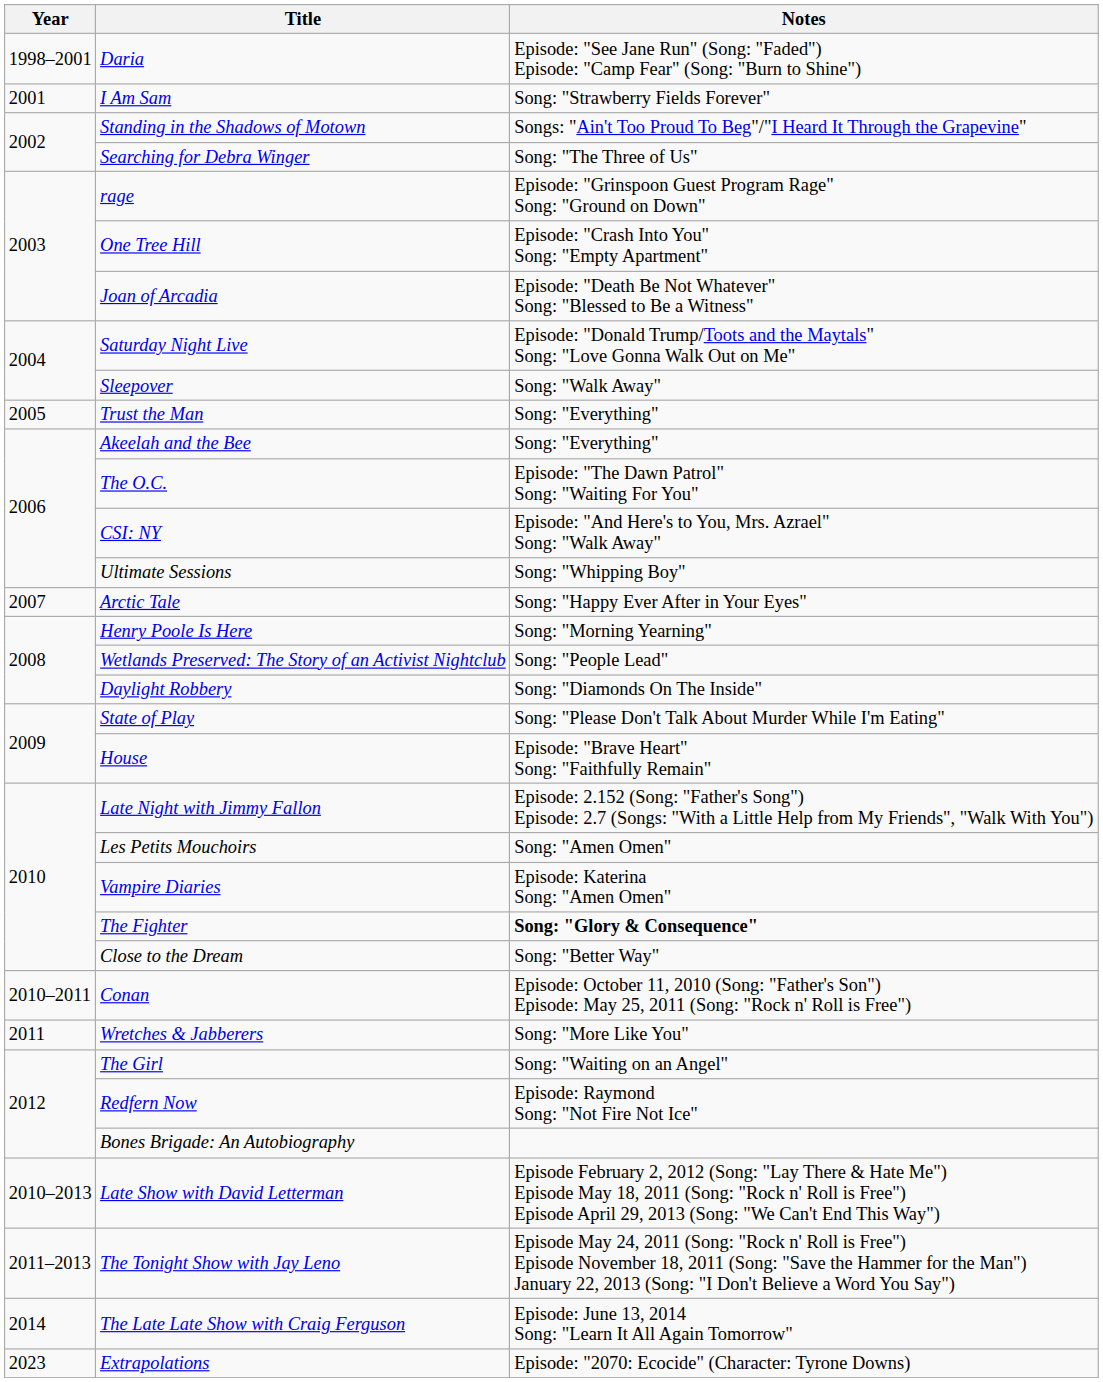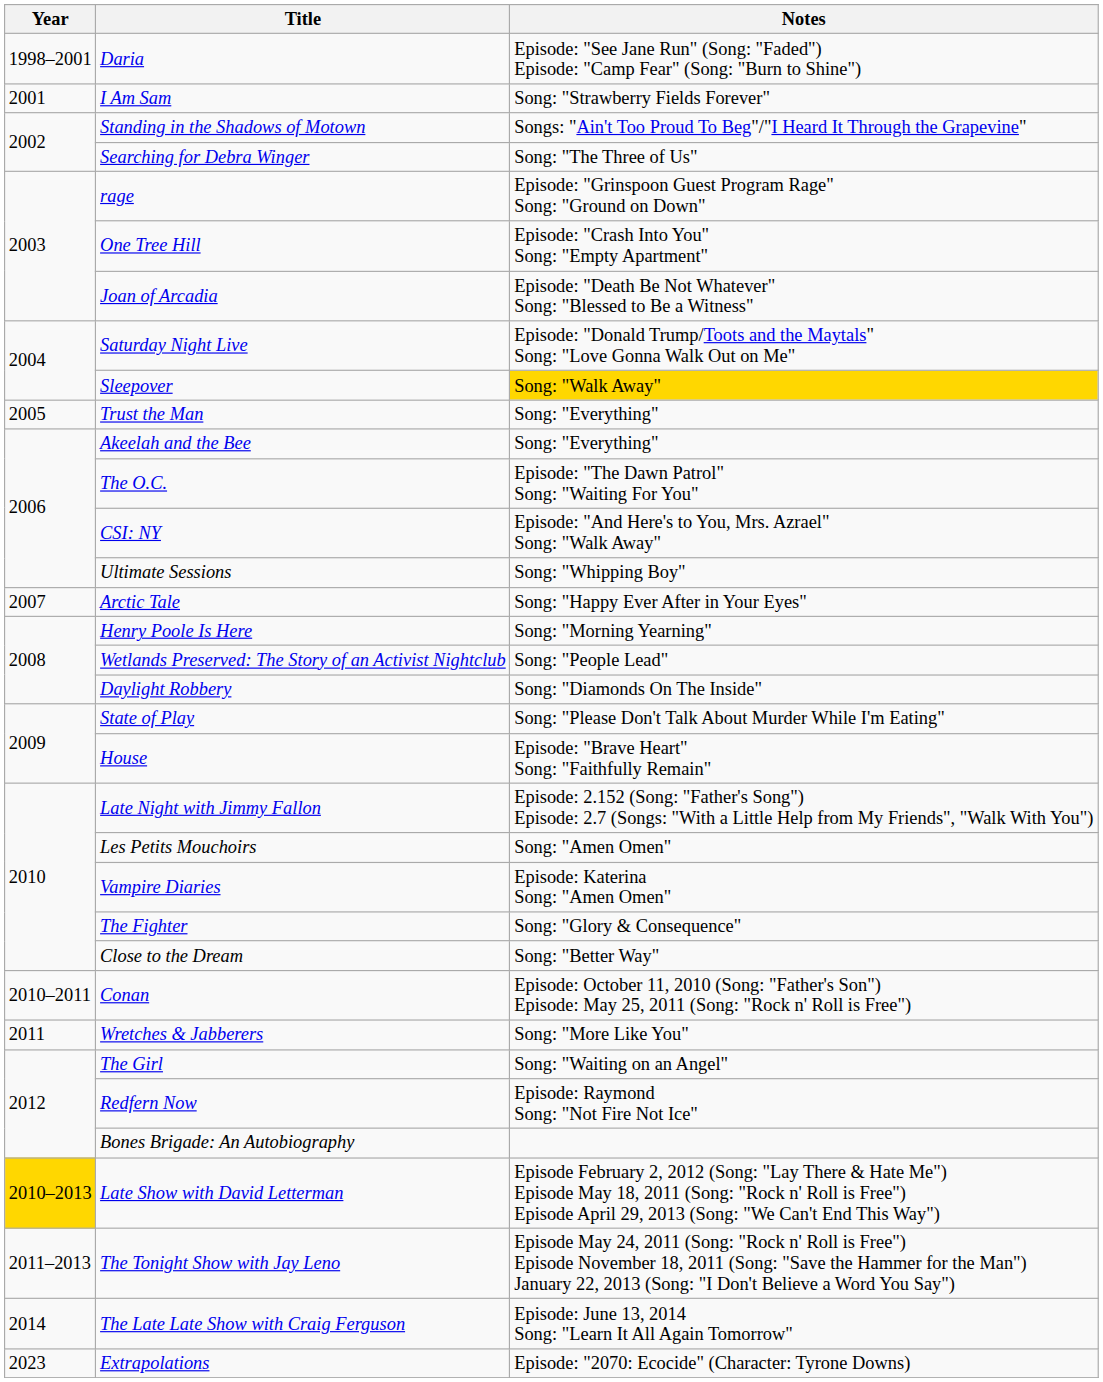 <table class="wikitable sortable">
 <tr>
 <th>Year</th>
 <th>Title</th>
 <th class="unsortable">Notes</th>
 </tr>
 <tr>
 <td>1998–2001</td>
 <td><em><a href='#'>Daria</a></em></td>
 <td>Episode: "See Jane Run" (Song: "Faded")<br>Episode: "Camp Fear" (Song: "Burn to Shine")</td>
 </tr>
 <tr>
 <td>2001</td>
 <td><em><a href='#'>I Am Sam</a></em></td>
 <td>Song: "Strawberry Fields Forever"</td>
 </tr>
 <tr>
 <td rowspan="2">2002</td>
 <td><em><a href='#'>Standing in the Shadows of Motown</a></em></td>
 <td>Songs: "<a href='#'>Ain't Too Proud To Beg</a>"/"<a href='#'>I Heard It Through the Grapevine</a>"</td>
 </tr>
 <tr>
 <td><em><a href='#'>Searching for Debra Winger</a></em></td>
 <td>Song: "The Three of Us"</td>
 </tr>
 <tr>
 <td rowspan="3">2003</td>
 <td><em><a href='#'>rage</a></em></td>
 <td>Episode: "Grinspoon Guest Program Rage"<br>Song: "Ground on Down"</td>
 </tr>
 <tr>
 <td><em><a href='#'>One Tree Hill</a></em></td>
 <td>Episode: "Crash Into You"<br>Song: "Empty Apartment"</td>
 </tr>
 <tr>
 <td><em><a href='#'>Joan of Arcadia</a></em></td>
 <td>Episode: "Death Be Not Whatever"<br>Song: "Blessed to Be a Witness"</td>
 </tr>
 <tr>
 <td rowspan="2">2004</td>
 <td><em><a href='#'>Saturday Night Live</a></em></td>
 <td>Episode: "Donald Trump/<a href='#'>Toots and the Maytals</a>"<br>Song: "Love Gonna Walk Out on Me"</td>
 </tr>
 <tr>
 <td><em><a href='#'>Sleepover</a></em></td>
-<td>Song: "Walk Away"</td>
+<td style="background: gold;">Song: "Walk Away"</td>
 </tr>
 <tr>
 <td>2005</td>
 <td><em><a href='#'>Trust the Man</a></em></td>
 <td>Song: "Everything"</td>
 </tr>
 <tr>
 <td rowspan="4">2006</td>
 <td><em><a href='#'>Akeelah and the Bee</a></em></td>
 <td>Song: "Everything"</td>
 </tr>
 <tr>
 <td><em><a href='#'>The O.C.</a></em></td>
 <td>Episode: "The Dawn Patrol"<br>Song: "Waiting For You"</td>
 </tr>
 <tr>
 <td><em><a href='#'>CSI: NY</a></em></td>
 <td>Episode: "And Here's to You, Mrs. Azrael"<br>Song: "Walk Away"</td>
 </tr>
 <tr>
 <td><em>Ultimate Sessions</em></td>
 <td>Song: "Whipping Boy"</td>
 </tr>
 <tr>
 <td>2007</td>
 <td><em><a href='#'>Arctic Tale</a></em></td>
 <td>Song: "Happy Ever After in Your Eyes"</td>
 </tr>
 <tr>
 <td rowspan="3">2008</td>
 <td><em><a href='#'>Henry Poole Is Here</a></em></td>
 <td>Song: "Morning Yearning"</td>
 </tr>
 <tr>
 <td><em><a href='#'>Wetlands Preserved: The Story of an Activist Nightclub</a></em></td>
 <td>Song: "People Lead"</td>
 </tr>
 <tr>
 <td><em><a href='#'>Daylight Robbery</a></em></td>
 <td>Song: "Diamonds On The Inside"</td>
 </tr>
 <tr>
 <td rowspan="2">2009</td>
 <td><em><a href='#'>State of Play</a></em></td>
 <td>Song: "Please Don't Talk About Murder While I'm Eating"</td>
 </tr>
 <tr>
 <td><em><a href='#'>House</a></em></td>
 <td>Episode: "Brave Heart"<br>Song: "Faithfully Remain"</td>
 </tr>
 <tr>
 <td rowspan="5">2010</td>
 <td><em><a href='#'>Late Night with Jimmy Fallon</a></em></td>
 <td>Episode: 2.152 (Song: "Father's Song")<br>Episode: 2.7 (Songs: "With a Little Help from My Friends", "Walk With You")</td>
 </tr>
 <tr>
 <td><em>Les Petits Mouchoirs</em></td>
 <td>Song: "Amen Omen"</td>
 </tr>
 <tr>
 <td><em><a href='#'>Vampire Diaries</a></em></td>
 <td>Episode: Katerina<br>Song: "Amen Omen"</td>
 </tr>
 <tr>
 <td><em><a href='#'>The Fighter</a></em></td>
-<td><strong>Song: "Glory & Consequence"</strong></td>
+<td>Song: "Glory & Consequence"</td>
 </tr>
 <tr>
 <td><em>Close to the Dream</em></td>
 <td>Song: "Better Way"</td>
 </tr>
 <tr>
 <td>2010–2011</td>
 <td><em><a href='#'>Conan</a></em></td>
 <td>Episode: October 11, 2010 (Song: "Father's Son")<br>Episode: May 25, 2011 (Song: "Rock n' Roll is Free")</td>
 </tr>
 <tr>
 <td>2011</td>
 <td><em><a href='#'>Wretches & Jabberers</a></em></td>
 <td>Song: "More Like You"</td>
 </tr>
 <tr>
 <td rowspan="3">2012</td>
 <td><em><a href='#'>The Girl</a></em></td>
 <td>Song: "Waiting on an Angel"</td>
 </tr>
 <tr>
 <td><em><a href='#'>Redfern Now</a></em></td>
 <td>Episode: Raymond<br>Song: "Not Fire Not Ice"</td>
 </tr>
 <tr>
 <td><em>Bones Brigade: An Autobiography</em></td>
 <td></td>
 </tr>
 <tr>
-<td>2010–2013</td>
+<td style="background: gold;">2010–2013</td>
 <td><em><a href='#'>Late Show with David Letterman</a></em></td>
 <td>Episode February 2, 2012 (Song: "Lay There & Hate Me")<br>Episode May 18, 2011 (Song: "Rock n' Roll is Free")<br>Episode April 29, 2013 (Song: "We Can't End This Way")</td>
 </tr>
 <tr>
 <td>2011–2013</td>
 <td><em><a href='#'>The Tonight Show with Jay Leno</a></em></td>
 <td>Episode May 24, 2011 (Song: "Rock n' Roll is Free")<br>Episode November 18, 2011 (Song: "Save the Hammer for the Man")<br>January 22, 2013 (Song: "I Don't Believe a Word You Say")</td>
 </tr>
 <tr>
 <td>2014</td>
 <td><em><a href='#'>The Late Late Show with Craig Ferguson</a></em></td>
 <td>Episode: June 13, 2014<br>Song: "Learn It All Again Tomorrow"</td>
 </tr>
 <tr>
 <td>2023</td>
 <td><em><a href='#'>Extrapolations</a></em></td>
 <td>Episode: "2070: Ecocide" (Character: Tyrone Downs)</td>
 </tr>
 </table>
